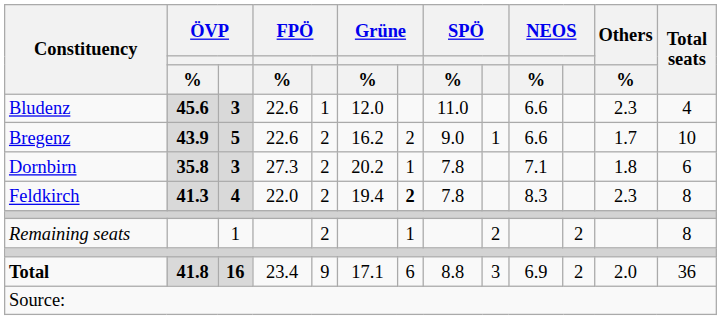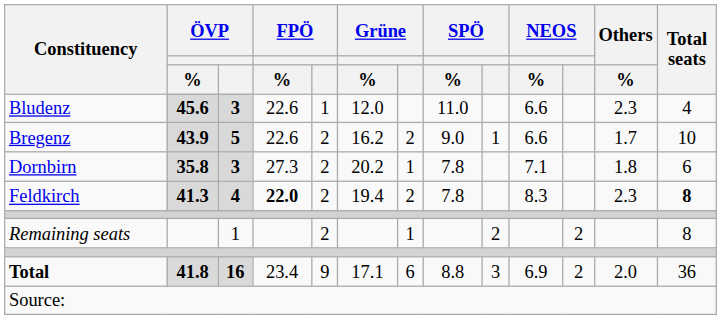 <table class="wikitable" style="text-align:center;font-size:90%;line-height:16px">
 <tr style="height:40px;">
 <th style="width:120px;" rowspan="3">Constituency</th>
 <th style="width:60px;" colspan="2"><a href='#'>ÖVP</a></th>
 <th style="width:60px;" colspan="2"><a href='#'>FPÖ</a></th>
 <th style="width:60px;" colspan="2"><a href='#'>Grüne</a></th>
 <th style="width:60px;" colspan="2"><a href='#'>SPÖ</a></th>
 <th style="width:60px;" colspan="2"><a href='#'>NEOS</a></th>
 <th class="unsortable" style="width:40px;" rowspan="2">Others</th>
 <th class="unsortable" style="width:40px;" rowspan="3">Total<br>seats</th>
 </tr>
 <tr>
 <th colspan="2" style="background:"></th>
 <th colspan="2" style="background:"></th>
 <th colspan="2" style="background:"></th>
 <th colspan="2" style="background:"></th>
 <th colspan="2" style="background:"></th>
 </tr>
 <tr>
 <th class=unsortable>%</th>
 <th class=unsortable></th>
 <th class=unsortable>%</th>
 <th class=unsortable></th>
 <th class=unsortable>%</th>
 <th class=unsortable></th>
 <th class=unsortable>%</th>
 <th class=unsortable></th>
 <th class=unsortable>%</th>
 <th class=unsortable></th>
 <th class=unsortable>%</th>
 </tr>
 <tr>
 <td align=left><a href='#'>Bludenz</a></td>
 <td bgcolor=#D9D9D9><strong>45.6</strong></td>
 <td bgcolor=#D9D9D9><strong>3</strong></td>
 <td>22.6</td>
 <td>1</td>
 <td>12.0</td>
 <td></td>
 <td>11.0</td>
 <td></td>
 <td>6.6</td>
 <td></td>
 <td>2.3</td>
 <td>4</td>
 </tr>
 <tr>
 <td align=left><a href='#'>Bregenz</a></td>
 <td bgcolor=#D9D9D9><strong>43.9</strong></td>
 <td bgcolor=#D9D9D9><strong>5</strong></td>
 <td>22.6</td>
 <td>2</td>
 <td>16.2</td>
 <td>2</td>
 <td>9.0</td>
 <td>1</td>
 <td>6.6</td>
 <td></td>
 <td>1.7</td>
 <td>10</td>
 </tr>
 <tr>
 <td align=left><a href='#'>Dornbirn</a></td>
 <td bgcolor=#D9D9D9><strong>35.8</strong></td>
 <td bgcolor=#D9D9D9><strong>3</strong></td>
 <td>27.3</td>
 <td>2</td>
 <td>20.2</td>
 <td>1</td>
 <td>7.8</td>
 <td></td>
 <td>7.1</td>
 <td></td>
 <td>1.8</td>
 <td>6</td>
 </tr>
 <tr>
 <td align=left><a href='#'>Feldkirch</a></td>
 <td bgcolor=#D9D9D9><strong>41.3</strong></td>
 <td bgcolor=#D9D9D9><strong>4</strong></td>
-<td>22.0</td>
+<td><strong>22.0</strong></td>
 <td>2</td>
 <td>19.4</td>
-<td><strong>2</strong></td>
+<td>2</td>
 <td>7.8</td>
 <td></td>
 <td>8.3</td>
 <td></td>
 <td>2.3</td>
-<td>8</td>
+<td><strong>8</strong></td>
 </tr>
 <tr>
 <td colspan=13 bgcolor=lightgrey></td>
 </tr>
 <tr>
 <td align=left><em>Remaining seats</em></td>
 <td></td>
 <td>1</td>
 <td></td>
 <td>2</td>
 <td></td>
 <td>1</td>
 <td></td>
 <td>2</td>
 <td></td>
 <td>2</td>
 <td></td>
 <td>8</td>
 </tr>
 <tr>
 <td colspan=13 bgcolor=lightgrey></td>
 </tr>
 <tr>
 <td align=left><strong>Total</strong></td>
 <td bgcolor=#D9D9D9><strong>41.8</strong></td>
 <td bgcolor=#D9D9D9><strong>16</strong></td>
 <td>23.4</td>
 <td>9</td>
 <td>17.1</td>
 <td>6</td>
 <td>8.8</td>
 <td>3</td>
 <td>6.9</td>
 <td>2</td>
 <td>2.0</td>
 <td>36</td>
 </tr>
 <tr class=sortbottom>
 <td colspan=13 align=left>Source: </td>
 </tr>
 </table>
